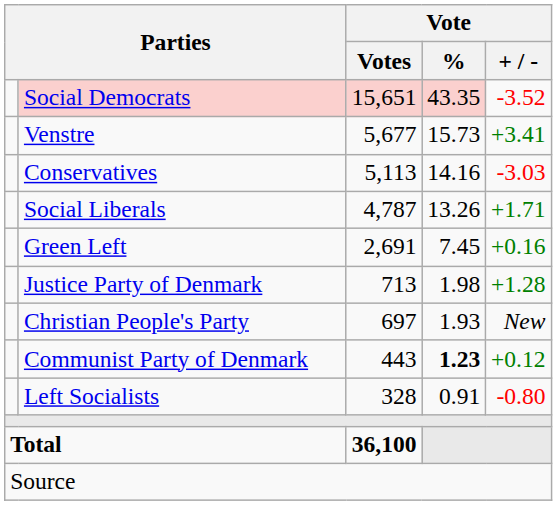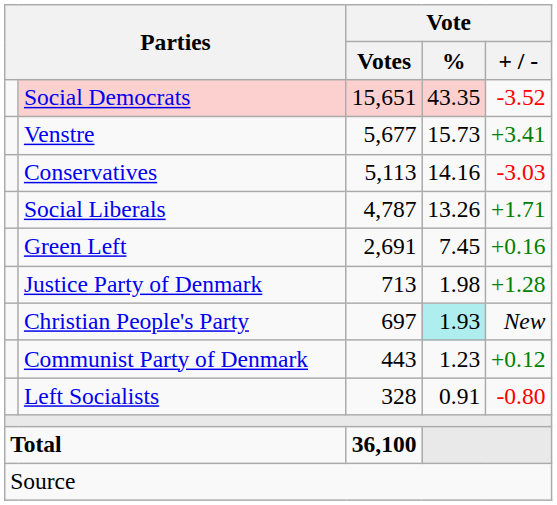 <table class="wikitable" style="text-align:right;">
 <tr>
 <th style="text-align:centre;" rowspan="2" colspan="2" width="225">Parties</th>
 <th colspan="3">Vote</th>
 </tr>
 <tr>
 <th width="15">Votes</th>
 <th width="15">%</th>
 <th width="15">+ / -</th>
 </tr>
 <tr>
 <td width="2" style="color:inherit;background:"></td>
 <td bgcolor=#fbd0ce  align="left"><a href='#'>Social Democrats</a></td>
 <td bgcolor=#fbd0ce>15,651</td>
 <td bgcolor=#fbd0ce>43.35</td>
 <td style=color:red;>-3.52</td>
 </tr>
 <tr>
 <td width="2" style="color:inherit;background:"></td>
 <td align="left"><a href='#'>Venstre</a></td>
 <td>5,677</td>
 <td>15.73</td>
 <td style=color:green;>+3.41</td>
 </tr>
 <tr>
 <td width="2" style="color:inherit;background:"></td>
 <td align="left"><a href='#'>Conservatives</a></td>
 <td>5,113</td>
 <td>14.16</td>
 <td style=color:red;>-3.03</td>
 </tr>
 <tr>
 <td width="2" style="color:inherit;background:"></td>
 <td align="left"><a href='#'>Social Liberals</a></td>
 <td>4,787</td>
 <td>13.26</td>
 <td style=color:green;>+1.71</td>
 </tr>
 <tr>
 <td width="2" style="color:inherit;background:"></td>
 <td align="left"><a href='#'>Green Left</a></td>
 <td>2,691</td>
 <td>7.45</td>
 <td style=color:green;>+0.16</td>
 </tr>
 <tr>
 <td width="2" style="color:inherit;background:"></td>
 <td align="left"><a href='#'>Justice Party of Denmark</a></td>
 <td>713</td>
 <td>1.98</td>
 <td style=color:green;>+1.28</td>
 </tr>
 <tr>
 <td width="2" style="color:inherit;background:"></td>
 <td align="left"><a href='#'>Christian People's Party</a></td>
 <td>697</td>
-<td>1.93</td>
+<td style="background: paleturquoise;">1.93</td>
 <td><em>New</em></td>
 </tr>
 <tr>
 <td width="2" style="color:inherit;background:"></td>
 <td align="left"><a href='#'>Communist Party of Denmark</a></td>
 <td>443</td>
-<td><strong>1.23</strong></td>
+<td>1.23</td>
 <td style=color:green;>+0.12</td>
 </tr>
 <tr>
 <td width="2" style="color:inherit;background:"></td>
 <td align="left"><a href='#'>Left Socialists</a></td>
 <td>328</td>
 <td>0.91</td>
 <td style=color:red;>-0.80</td>
 </tr>
 <tr>
 <td colspan="7" bgcolor="#E9E9E9"></td>
 </tr>
 <tr>
 <td align="left" colspan="2"><strong>Total</strong></td>
 <td><strong>36,100</strong></td>
 <td bgcolor="#E9E9E9" colspan="2"></td>
 </tr>
 <tr>
 <td align="left" colspan="6">Source</td>
 </tr>
 </table>
